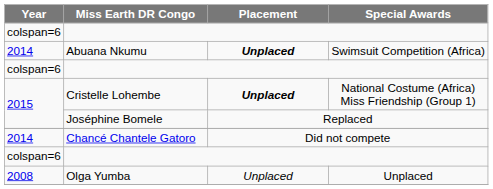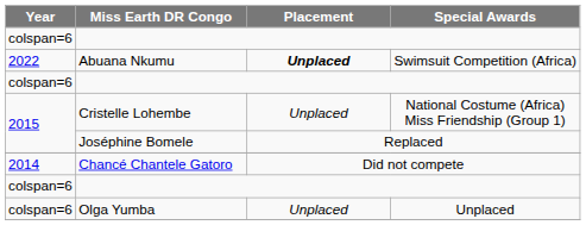 <table class="wikitable sortable" style="font-size: 95%;">
 <tr>
 <th width="60" style="background-color:#787878;color:#FFFFFF;">Year</th>
 <th width="180" style="background-color:#787878;color:#FFFFFF;">Miss Earth DR Congo</th>
 <th width="150" style="background-color:#787878;color:#FFFFFF;">Placement</th>
 <th width="200" style="background-color:#787878;color:#FFFFFF;">Special Awards</th>
 </tr>
 <tr>
 <td>colspan=6 </td>
 </tr>
 <tr>
-<td><a href='#'>2014</a></td>
+<td><a href='#'>2022</a></td>
 <td>Abuana Nkumu</td>
 <td style="text-align:center;"><strong><em>Unplaced</em></strong></td>
 <td style="text-align:center;"> Swimsuit Competition (Africa)</td>
 </tr>
 <tr>
 <td>colspan=6 </td>
 </tr>
 <tr>
 <td rowspan=2><a href='#'>2015</a></td>
 <td>Cristelle Lohembe</td>
-<td style="text-align:center;"><strong><em>Unplaced</em></strong></td>
+<td style="text-align:center;"><em>Unplaced</em></td>
 <td style="text-align:center;"> National Costume (Africa)<br> Miss Friendship (Group 1)</td>
 </tr>
 <tr>
 <td>Joséphine Bomele</td>
 <td colspan=2 style="text-align:center;">Replaced</td>
 </tr>
 <tr>
 </tr>
 <tr>
 <td><a href='#'>2014</a></td>
 <td><a href='#'>Chancé Chantele Gatoro</a></td>
 <td colspan="2" align=center>Did not compete</td>
 </tr>
 <tr>
 <td>colspan=6 </td>
 </tr>
 <tr>
-<td><a href='#'>2008</a></td>
+<td>colspan=6 </td>
 <td>Olga Yumba</td>
 <td style="text-align:center;"><em>Unplaced</em></td>
 <td style="text-align:center;">Unplaced</td>
 </tr>
 <tr>
 </tr>
 </table>
